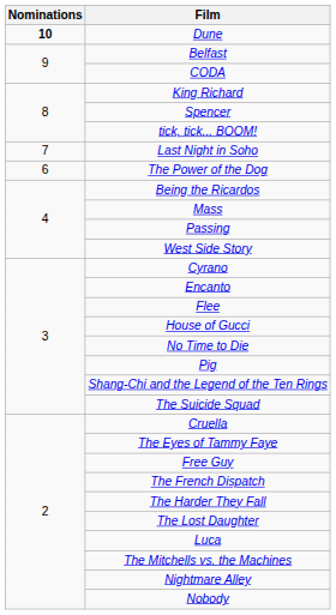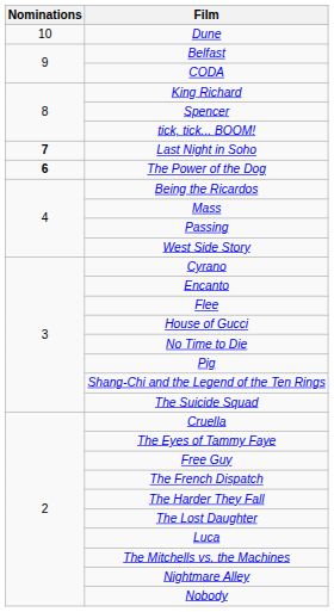 <table class="wikitable" rowspan="2" style="text-align:center" background: #f6e39c;>
 <tr>
 <th scope="col" style="width:55px;">Nominations</th>
 <th scope="col" style="text-align:center;">Film</th>
 </tr>
 <tr>
-<td rowspan="1" style="text-align:center"><strong>10</strong></td>
+<td rowspan="1" style="text-align:center">10</td>
 <td><em><a href='#'>Dune</a></em></td>
 </tr>
 <tr>
 <td rowspan="2" style="text-align:center">9</td>
 <td><em><a href='#'>Belfast</a></em></td>
 </tr>
 <tr>
 <td><em><a href='#'>CODA</a></em></td>
 </tr>
 <tr>
 <td rowspan="3" style="text-align:center">8</td>
 <td><em><a href='#'>King Richard</a></em></td>
 </tr>
 <tr>
 <td><em><a href='#'>Spencer</a></em></td>
 </tr>
 <tr>
 <td><em><a href='#'>tick, tick... BOOM!</a></em></td>
 </tr>
 <tr>
-<td rowspan="1" style="text-align:center">7</td>
+<td rowspan="1" style="text-align:center"><strong>7</strong></td>
 <td><em><a href='#'>Last Night in Soho</a></em></td>
 </tr>
 <tr>
-<td rowspan="1" style="text-align:center">6</td>
+<td rowspan="1" style="text-align:center"><strong>6</strong></td>
 <td><em><a href='#'>The Power of the Dog</a></em></td>
 </tr>
 <tr>
 <td rowspan="4" style="text-align:center">4</td>
 <td><em><a href='#'>Being the Ricardos</a></em></td>
 </tr>
 <tr>
 <td><em><a href='#'>Mass</a></em></td>
 </tr>
 <tr>
 <td><em><a href='#'>Passing</a></em></td>
 </tr>
 <tr>
 <td><em><a href='#'>West Side Story</a></em></td>
 </tr>
 <tr>
 <td rowspan="8" style="text-align:center">3</td>
 <td><em><a href='#'>Cyrano</a></em></td>
 </tr>
 <tr>
 <td><em><a href='#'>Encanto</a></em></td>
 </tr>
 <tr>
 <td><em><a href='#'>Flee</a></em></td>
 </tr>
 <tr>
 <td><em><a href='#'>House of Gucci</a></em></td>
 </tr>
 <tr>
 <td><em><a href='#'>No Time to Die</a></em></td>
 </tr>
 <tr>
 <td><em><a href='#'>Pig</a></em></td>
 </tr>
 <tr>
 <td><em><a href='#'>Shang-Chi and the Legend of the Ten Rings</a></em></td>
 </tr>
 <tr>
 <td><em><a href='#'>The Suicide Squad</a></em></td>
 </tr>
 <tr>
 <td rowspan="10" style="text-align:center">2</td>
 <td><em><a href='#'>Cruella</a></em></td>
 </tr>
 <tr>
 <td><em><a href='#'>The Eyes of Tammy Faye</a></em></td>
 </tr>
 <tr>
 <td><em><a href='#'>Free Guy</a></em></td>
 </tr>
 <tr>
 <td><em><a href='#'>The French Dispatch</a></em></td>
 </tr>
 <tr>
 <td><em><a href='#'>The Harder They Fall</a></em></td>
 </tr>
 <tr>
 <td><em><a href='#'>The Lost Daughter</a></em></td>
 </tr>
 <tr>
 <td><em><a href='#'>Luca</a></em></td>
 </tr>
 <tr>
 <td><em><a href='#'>The Mitchells vs. the Machines</a></em></td>
 </tr>
 <tr>
 <td><em><a href='#'>Nightmare Alley</a></em></td>
 </tr>
 <tr>
 <td><em><a href='#'>Nobody</a></em></td>
 </tr>
 </table>
